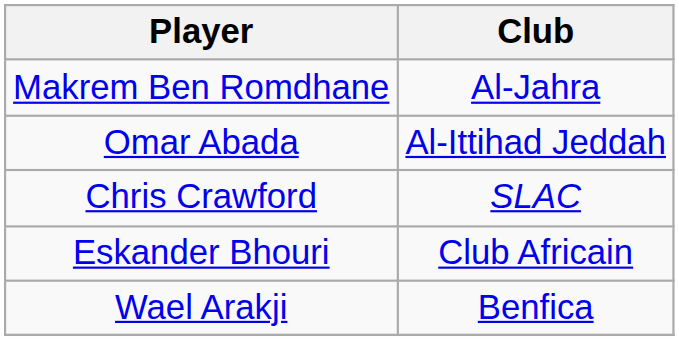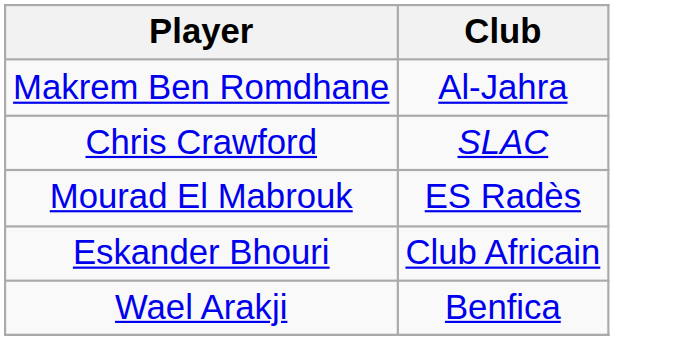 <table class="wikitable" style="text-align:center;">
 <tr>
 <th>Player</th>
 <th>Club</th>
 </tr>
 <tr>
 <td> <a href='#'>Makrem Ben Romdhane</a></td>
 <td> <a href='#'>Al-Jahra</a></td>
 </tr>
 <tr>
-<td> <a href='#'>Omar Abada</a></td>
-<td> <a href='#'>Al-Ittihad Jeddah</a></td>
+<td> <a href='#'>Chris Crawford</a></td>
+<td> <em><a href='#'>SLAC</a></em></td>
 </tr>
 <tr>
-<td> <a href='#'>Chris Crawford</a></td>
-<td> <em><a href='#'>SLAC</a></em></td>
+<td> <a href='#'>Mourad El Mabrouk</a></td>
+<td> <a href='#'>ES Radès</a></td>
 </tr>
 <tr>
 <td> <a href='#'>Eskander Bhouri</a></td>
 <td> <a href='#'>Club Africain</a></td>
 </tr>
 <tr>
 <td> <a href='#'>Wael Arakji</a></td>
 <td> <a href='#'>Benfica</a></td>
 </tr>
 <tr>
 </tr>
 </table>
